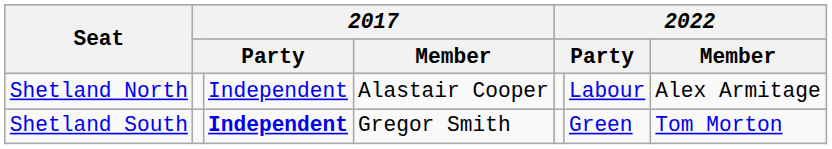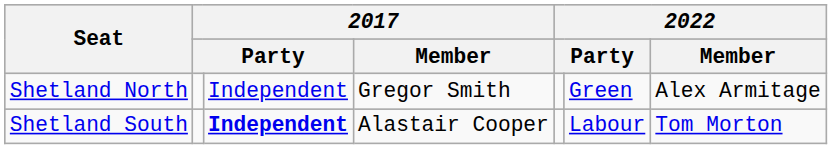 <table class="wikitable">
 <tr>
 <th scope="col" rowspan="2" style="text-align:center">Seat</th>
 <th scope="col" colspan="3" style="text-align:center"><em>2017</em></th>
 <th scope="col" colspan="3" style="text-align:center"><em>2022</em></th>
 </tr>
 <tr>
 <th colspan="2" style="text-align:center">Party</th>
 <th style="text-align:center">Member</th>
 <th colspan="2" style="text-align:center">Party</th>
 <th style="text-align:center">Member</th>
 </tr>
 <tr>
 <td scope="row"><a href='#'>Shetland North</a></td>
 <td></td>
 <td><a href='#'>Independent</a></td>
-<td>Alastair Cooper</td>
+<td>Gregor Smith</td>
 <td></td>
-<td scope="row"><a href='#'>Labour</a></td>
+<td><a href='#'>Green</a></td>
 <td>Alex Armitage</td>
 </tr>
 <tr>
 <td scope="row"><a href='#'>Shetland South</a></td>
 <td></td>
 <td><strong><a href='#'>Independent</a></strong></td>
-<td>Gregor Smith</td>
+<td>Alastair Cooper</td>
 <td></td>
-<td><a href='#'>Green</a></td>
+<td scope="row"><a href='#'>Labour</a></td>
 <td><a href='#'>Tom Morton</a></td>
 </tr>
 </table>
